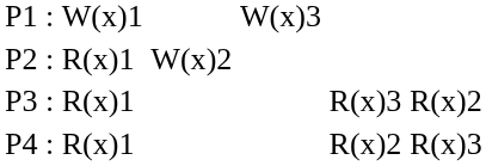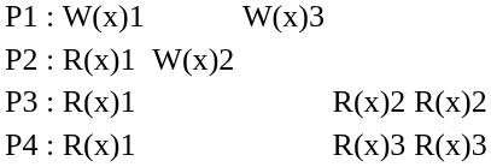 <table>
 <tr>
 <td>P1 :</td>
 <td>W(x)1</td>
 <td></td>
 <td>W(x)3</td>
 <td></td>
 <td></td>
 </tr>
 <tr>
 <td>P2 :</td>
 <td>R(x)1</td>
 <td>W(x)2</td>
 <td></td>
 <td></td>
 <td></td>
 </tr>
 <tr>
 <td>P3 :</td>
 <td>R(x)1</td>
 <td></td>
 <td></td>
-<td>R(x)3</td>
+<td>R(x)2</td>
 <td>R(x)2</td>
 </tr>
 <tr>
 <td>P4 :</td>
 <td>R(x)1</td>
 <td></td>
 <td></td>
-<td>R(x)2</td>
+<td>R(x)3</td>
 <td>R(x)3</td>
 </tr>
 </table>
